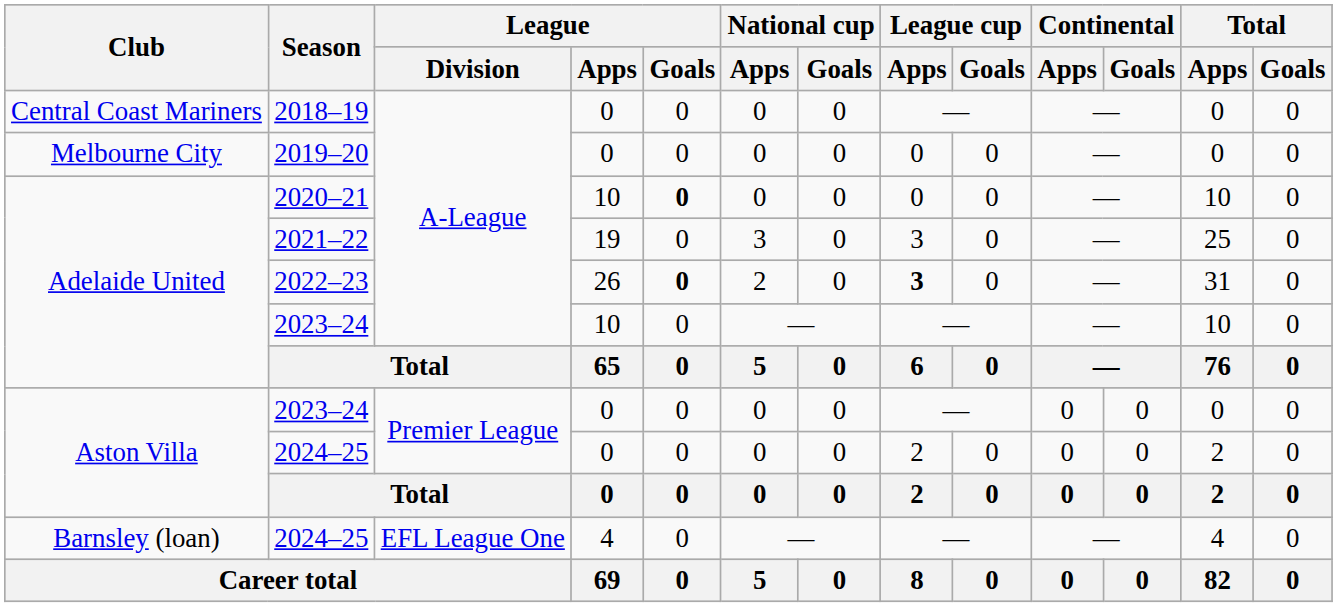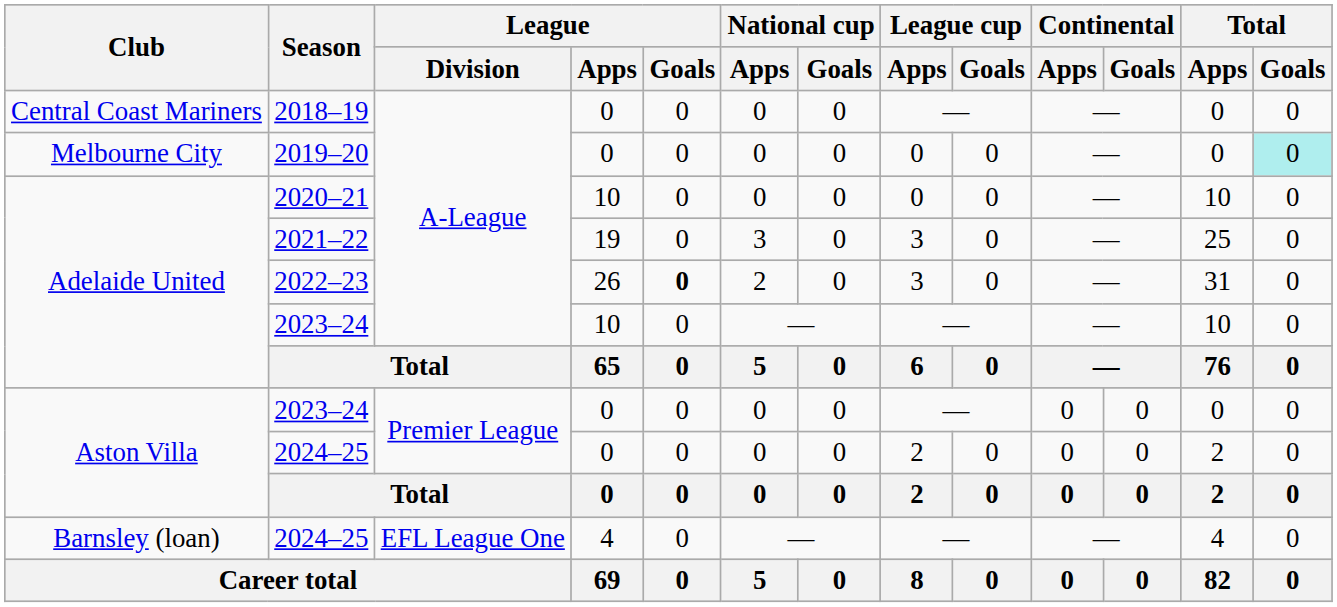 <table class="wikitable" style="text-align:center">
 <tr>
 <th rowspan="2">Club</th>
 <th rowspan="2">Season</th>
 <th colspan="3">League</th>
 <th colspan="2">National cup</th>
 <th colspan="2">League cup</th>
 <th colspan="2">Continental</th>
 <th colspan="2">Total</th>
 </tr>
 <tr>
 <th>Division</th>
 <th>Apps</th>
 <th>Goals</th>
 <th>Apps</th>
 <th>Goals</th>
 <th>Apps</th>
 <th>Goals</th>
 <th>Apps</th>
 <th>Goals</th>
 <th>Apps</th>
 <th>Goals</th>
 </tr>
 <tr>
 <td><a href='#'>Central Coast Mariners</a></td>
 <td><a href='#'>2018–19</a></td>
 <td rowspan="6"><a href='#'>A-League</a></td>
 <td>0</td>
 <td>0</td>
 <td>0</td>
 <td>0</td>
 <td colspan="2">—</td>
 <td colspan="2">—</td>
 <td>0</td>
 <td>0</td>
 </tr>
 <tr>
 <td><a href='#'>Melbourne City</a></td>
 <td><a href='#'>2019–20</a></td>
 <td>0</td>
 <td>0</td>
 <td>0</td>
 <td>0</td>
 <td>0</td>
 <td>0</td>
 <td colspan="2">—</td>
 <td>0</td>
-<td>0</td>
+<td style="background: paleturquoise;">0</td>
 </tr>
 <tr>
 <td rowspan="5"><a href='#'>Adelaide United</a></td>
 <td><a href='#'>2020–21</a></td>
 <td>10</td>
-<td><strong>0</strong></td>
+<td>0</td>
 <td>0</td>
 <td>0</td>
 <td>0</td>
 <td>0</td>
 <td colspan="2">—</td>
 <td>10</td>
 <td>0</td>
 </tr>
 <tr>
 <td><a href='#'>2021–22</a></td>
 <td>19</td>
 <td>0</td>
 <td>3</td>
 <td>0</td>
 <td>3</td>
 <td>0</td>
 <td colspan="2">—</td>
 <td>25</td>
 <td>0</td>
 </tr>
 <tr>
 <td><a href='#'>2022–23</a></td>
 <td>26</td>
 <td><strong>0</strong></td>
 <td>2</td>
 <td>0</td>
-<td><strong>3</strong></td>
+<td>3</td>
 <td>0</td>
 <td colspan="2">—</td>
 <td>31</td>
 <td>0</td>
 </tr>
 <tr>
 <td><a href='#'>2023–24</a></td>
 <td>10</td>
 <td>0</td>
 <td colspan="2">—</td>
 <td colspan="2">—</td>
 <td colspan="2">—</td>
 <td>10</td>
 <td>0</td>
 </tr>
 <tr>
 <th colspan="2">Total</th>
 <th>65</th>
 <th>0</th>
 <th>5</th>
 <th>0</th>
 <th>6</th>
 <th>0</th>
 <th colspan="2">—</th>
 <th>76</th>
 <th>0</th>
 </tr>
 <tr>
 <td rowspan="3"><a href='#'>Aston Villa</a></td>
 <td><a href='#'>2023–24</a></td>
 <td rowspan="2"><a href='#'>Premier League</a></td>
 <td>0</td>
 <td>0</td>
 <td>0</td>
 <td>0</td>
 <td colspan="2">—</td>
 <td>0</td>
 <td>0</td>
 <td>0</td>
 <td>0</td>
 </tr>
 <tr>
 <td><a href='#'>2024–25</a></td>
 <td>0</td>
 <td>0</td>
 <td>0</td>
 <td>0</td>
 <td>2</td>
 <td>0</td>
 <td>0</td>
 <td>0</td>
 <td>2</td>
 <td>0</td>
 </tr>
 <tr>
 <th colspan="2">Total</th>
 <th>0</th>
 <th>0</th>
 <th>0</th>
 <th>0</th>
 <th>2</th>
 <th>0</th>
 <th>0</th>
 <th>0</th>
 <th>2</th>
 <th>0</th>
 </tr>
 <tr>
 <td><a href='#'>Barnsley</a> (loan)</td>
 <td><a href='#'>2024–25</a></td>
 <td><a href='#'>EFL League One</a></td>
 <td>4</td>
 <td>0</td>
 <td colspan="2">—</td>
 <td colspan="2">—</td>
 <td colspan="2">—</td>
 <td>4</td>
 <td>0</td>
 </tr>
 <tr>
 <th colspan="3">Career total</th>
 <th>69</th>
 <th>0</th>
 <th>5</th>
 <th>0</th>
 <th>8</th>
 <th>0</th>
 <th>0</th>
 <th>0</th>
 <th>82</th>
 <th>0</th>
 </tr>
 </table>
